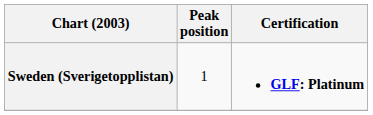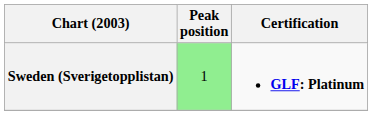 <table class="wikitable plainrowheaders" style="text-align:center">
 <tr>
 <th scope="col">Chart (2003)</th>
 <th scope="col">Peak<br>position</th>
 <th scope="col">Certification</th>
 </tr>
 <tr>
 <th scope="row">Sweden (Sverigetopplistan)</th>
-<td>1</td>
+<td style="background: lightgreen;">1</td>
 <td><strong><br><ul><li><a href='#'>GLF</a>: Platinum</li></ul></strong></td>
 </tr>
 <tr>
 </tr>
 </table>
